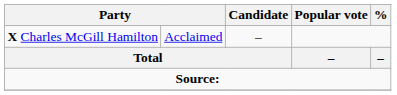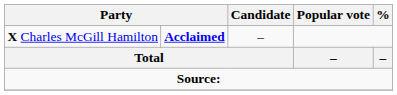 <table class="wikitable">
 <tr>
 <th colspan="2">Party</th>
 <th>Candidate</th>
 <th>Popular vote</th>
 <th>%</th>
 </tr>
 <tr>
 <td> <strong>X</strong> <a href='#'>Charles McGill Hamilton</a></td>
-<td align=center><a href='#'>Acclaimed</a></td>
+<td align=center><strong><a href='#'>Acclaimed</a></strong></td>
 <td align=center>–</td>
 </tr>
 <tr>
 <th colspan=3>Total</th>
 <th>–</th>
 <th>–</th>
 </tr>
 <tr>
 <td align="center" colspan=5><strong>Source:</strong> </td>
 </tr>
 <tr>
 </tr>
 </table>
